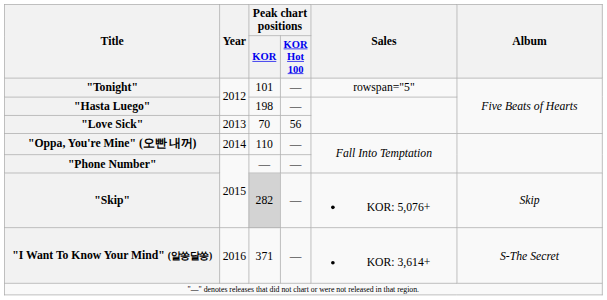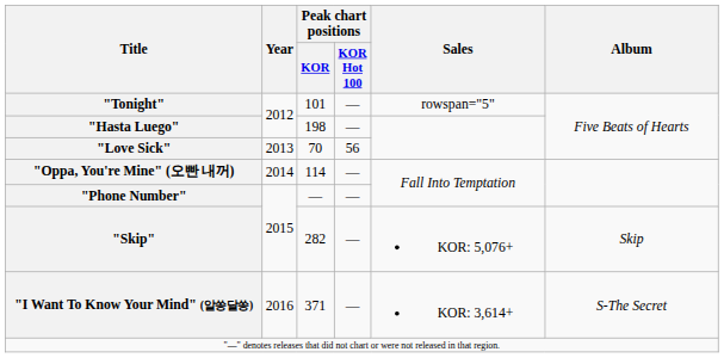 <table class="wikitable plainrowheaders" style="text-align:center;">
 <tr>
 <th scope="col" rowspan="2" style="width:18em;">Title</th>
 <th scope="col" rowspan="2">Year</th>
 <th scope="col" colspan="2">Peak chart positions</th>
 <th scope="col" rowspan="2" style="width:12em;">Sales</th>
 <th scope="col" rowspan="2" style="width:12em;">Album</th>
 </tr>
 <tr>
 <th scope="col" style="width:2.5em;font-size:90%;"><a href='#'>KOR</a><br></th>
 <th scope="col" style="width:2.5em;font-size:90%;"><a href='#'>KOR<br>Hot 100</a><br></th>
 </tr>
 <tr>
 <th scope="row">"Tonight"</th>
 <td rowspan="2">2012</td>
 <td>101</td>
 <td>—</td>
 <td>rowspan="5" </td>
 <td rowspan="3"><em>Five Beats of Hearts</em></td>
 </tr>
 <tr>
 <th scope="row">"Hasta Luego"</th>
 <td>198</td>
 <td>—</td>
 </tr>
 <tr>
 <th scope="row">"Love Sick"</th>
 <td>2013</td>
 <td>70</td>
 <td>56</td>
 </tr>
 <tr>
 <th scope="row">"Oppa, You're Mine" (오빤 내꺼)</th>
 <td>2014</td>
-<td>110</td>
+<td>114</td>
 <td>—</td>
 <td rowspan="2"><em>Fall Into Temptation</em></td>
 </tr>
 <tr>
 <th scope="row">"Phone Number"</th>
 <td rowspan="2">2015</td>
 <td>—</td>
 <td>—</td>
 </tr>
 <tr>
 <th scope="row">"Skip"</th>
-<td style="background: lightgrey;">282</td>
+<td>282</td>
 <td>—</td>
 <td><br><ul><li>KOR: 5,076+ </li></ul></td>
 <td><em>Skip</em></td>
 </tr>
 <tr>
 <th scope="row">"I Want To Know Your Mind" <small>(알쏭달쏭)</small></th>
 <td>2016</td>
 <td>371</td>
 <td>—</td>
 <td><br><ul><li>KOR: 3,614+ </li></ul></td>
 <td><em>S-The Secret</em></td>
 </tr>
 <tr>
 <td colspan="6" style="font-size:8pt;">"—" denotes releases that did not chart or were not released in that region.</td>
 </tr>
 </table>
